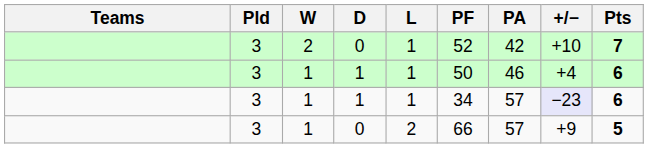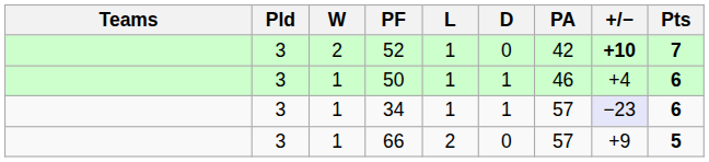 <table class="wikitable" style="text-align: center;">
 <tr>
 <th width="200">Teams</th>
 <th width="40">Pld</th>
 <th width="40">W</th>
+<th width="40">PF</th>
+<th width="40">L</th>
 <th width="40">D</th>
-<th width="40">L</th>
-<th width="40">PF</th>
 <th width="40">PA</th>
 <th width="40">+/−</th>
 <th width="40">Pts</th>
 </tr>
 <tr style="background:#ccffcc;">
 <td align=left></td>
 <td>3</td>
 <td>2</td>
+<td>52</td>
+<td>1</td>
 <td>0</td>
-<td>1</td>
-<td>52</td>
 <td>42</td>
-<td>+10</td>
+<td><strong>+10</strong></td>
 <td><strong>7</strong></td>
 </tr>
 <tr style="background:#ccffcc;">
 <td align=left></td>
 <td>3</td>
 <td>1</td>
+<td>50</td>
 <td>1</td>
 <td>1</td>
-<td>50</td>
 <td>46</td>
 <td>+4</td>
 <td><strong>6</strong></td>
 </tr>
 <tr>
 <td align=left></td>
 <td>3</td>
 <td>1</td>
+<td>34</td>
 <td>1</td>
 <td>1</td>
-<td>34</td>
 <td>57</td>
 <td style="background: lavender;">−23</td>
 <td><strong>6</strong></td>
 </tr>
 <tr>
 <td align=left></td>
 <td>3</td>
 <td>1</td>
+<td>66</td>
+<td>2</td>
 <td>0</td>
-<td>2</td>
-<td>66</td>
 <td>57</td>
 <td>+9</td>
 <td><strong>5</strong></td>
 </tr>
 </table>
